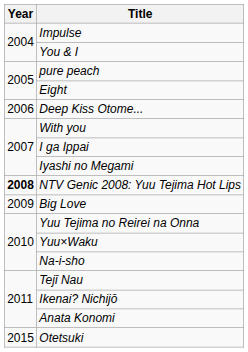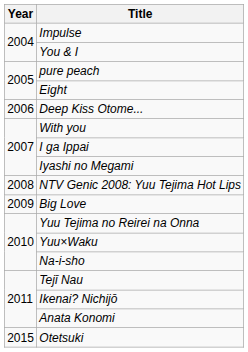 <table class="wikitable">
 <tr>
 <th>Year</th>
 <th>Title</th>
 </tr>
 <tr>
 <td rowspan="2">2004</td>
 <td><em>Impulse</em></td>
 </tr>
 <tr>
 <td><em>You & I</em></td>
 </tr>
 <tr>
 <td rowspan="2">2005</td>
 <td><em>pure peach</em></td>
 </tr>
 <tr>
 <td><em>Eight</em></td>
 </tr>
 <tr>
 <td>2006</td>
 <td><em>Deep Kiss Otome...</em></td>
 </tr>
 <tr>
 <td rowspan="3">2007</td>
 <td><em>With you</em></td>
 </tr>
 <tr>
 <td><em>I ga Ippai</em></td>
 </tr>
 <tr>
 <td><em>Iyashi no Megami</em></td>
 </tr>
 <tr>
-<td><strong>2008</strong></td>
+<td>2008</td>
 <td><em>NTV Genic 2008: Yuu Tejima Hot Lips</em></td>
 </tr>
 <tr>
 <td>2009</td>
 <td><em>Big Love</em></td>
 </tr>
 <tr>
 <td rowspan="3">2010</td>
 <td><em>Yuu Tejima no Reirei na Onna</em></td>
 </tr>
 <tr>
 <td><em>Yuu×Waku</em></td>
 </tr>
 <tr>
 <td><em>Na-i-sho</em></td>
 </tr>
 <tr>
 <td rowspan="3">2011</td>
 <td><em>Tejī Nau</em></td>
 </tr>
 <tr>
 <td><em>Ikenai? Nichijō</em></td>
 </tr>
 <tr>
 <td><em>Anata Konomi</em></td>
 </tr>
 <tr>
 <td>2015</td>
 <td><em>Otetsuki</em></td>
 </tr>
 </table>
